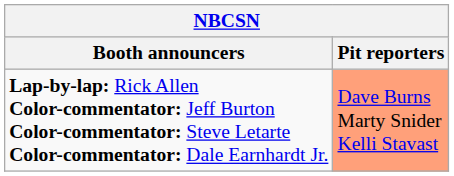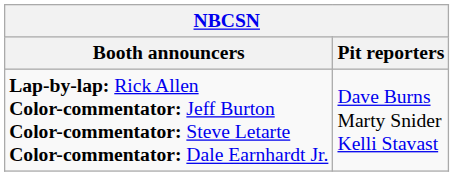 <table class="wikitable" style="font-size: 95%">
 <tr>
 <th colspan="2"><a href='#'>NBCSN</a></th>
 </tr>
 <tr>
 <th>Booth announcers</th>
 <th>Pit reporters</th>
 </tr>
 <tr>
 <td><strong>Lap-by-lap:</strong> <a href='#'>Rick Allen</a><br><strong>Color-commentator:</strong> <a href='#'>Jeff Burton</a><br><strong>Color-commentator:</strong> <a href='#'>Steve Letarte</a><br><strong>Color-commentator:</strong> <a href='#'>Dale Earnhardt Jr.</a></td>
-<td style="background: lightsalmon;"><a href='#'>Dave Burns</a><br>Marty Snider<br><a href='#'>Kelli Stavast</a></td>
+<td><a href='#'>Dave Burns</a><br>Marty Snider<br><a href='#'>Kelli Stavast</a></td>
 </tr>
 </table>
